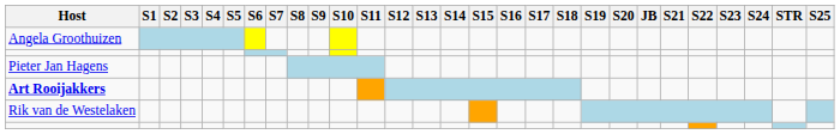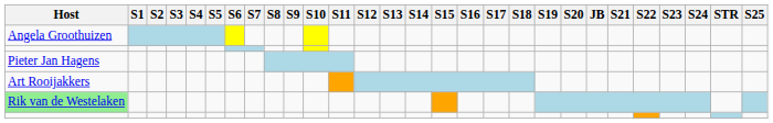 <table class="wikitable" style="font-size:94%">
 <tr>
 <th>Host</th>
 <th>S1</th>
 <th>S2</th>
 <th>S3</th>
 <th>S4</th>
 <th>S5</th>
 <th>S6</th>
 <th>S7</th>
 <th>S8</th>
 <th>S9</th>
 <th>S10</th>
 <th>S11</th>
 <th>S12</th>
 <th>S13</th>
 <th>S14</th>
 <th>S15</th>
 <th>S16</th>
 <th>S17</th>
 <th>S18</th>
 <th>S19</th>
 <th>S20</th>
 <th>JB</th>
 <th>S21</th>
 <th>S22</th>
 <th>S23</th>
 <th>S24</th>
 <th>STR</th>
 <th>S25</th>
 </tr>
 <tr>
 <td><a href='#'>Angela Groothuizen</a></td>
 <td colspan=5 style="background:lightblue"></td>
 <td style="background:yellow"></td>
 <td></td>
 <td></td>
 <td></td>
 <td style="background:yellow"></td>
 <td></td>
 <td></td>
 <td></td>
 <td></td>
 <td></td>
 <td></td>
 <td></td>
 <td></td>
 <td></td>
 <td></td>
 <td></td>
 <td></td>
 <td></td>
 <td></td>
 <td></td>
 <td></td>
 <td></td>
 </tr>
 <tr>
 <td></td>
 <td></td>
 <td></td>
 <td></td>
 <td></td>
 <td></td>
 <td colspan=2 style="background:lightblue;"></td>
 <td></td>
 <td></td>
 <td style="background:yellow"></td>
 <td></td>
 <td></td>
 <td></td>
 <td></td>
 <td></td>
 <td></td>
 <td></td>
 <td></td>
 <td></td>
 <td></td>
 <td></td>
 <td></td>
 <td></td>
 <td></td>
 <td></td>
 <td></td>
 <td></td>
 </tr>
 <tr>
 <td><a href='#'>Pieter Jan Hagens</a></td>
 <td></td>
 <td></td>
 <td></td>
 <td></td>
 <td></td>
 <td></td>
 <td></td>
 <td colspan=4 style="background:lightblue"></td>
 <td></td>
 <td></td>
 <td></td>
 <td></td>
 <td></td>
 <td></td>
 <td></td>
 <td></td>
 <td></td>
 <td></td>
 <td></td>
 <td></td>
 <td></td>
 <td></td>
 <td></td>
 <td></td>
 </tr>
 <tr>
-<td><strong><a href='#'>Art Rooijakkers</a></strong></td>
+<td><a href='#'>Art Rooijakkers</a></td>
 <td></td>
 <td></td>
 <td></td>
 <td></td>
 <td></td>
 <td></td>
 <td></td>
 <td></td>
 <td></td>
 <td></td>
 <td style="background:orange"></td>
 <td colspan=7 style="background:lightblue;"></td>
 <td></td>
 <td></td>
 <td></td>
 <td></td>
 <td></td>
 <td></td>
 <td></td>
 <td></td>
 <td></td>
 </tr>
 <tr>
-<td><a href='#'>Rik van de Westelaken</a></td>
+<td style="background: lightgreen;"><a href='#'>Rik van de Westelaken</a></td>
 <td></td>
 <td></td>
 <td></td>
 <td></td>
 <td></td>
 <td></td>
 <td></td>
 <td></td>
 <td></td>
 <td></td>
 <td></td>
 <td></td>
 <td></td>
 <td></td>
 <td style="background:orange"></td>
 <td></td>
 <td></td>
 <td></td>
 <td colspan=7 style="background:lightblue;"></td>
 <td></td>
 <td style="background:lightblue"></td>
 </tr>
 <tr>
 <td></td>
 <td></td>
 <td></td>
 <td></td>
 <td></td>
 <td></td>
 <td></td>
 <td></td>
 <td></td>
 <td></td>
 <td></td>
 <td></td>
 <td></td>
 <td></td>
 <td></td>
 <td></td>
 <td></td>
 <td></td>
 <td></td>
 <td></td>
 <td></td>
 <td></td>
 <td></td>
 <td style="background:orange"></td>
 <td></td>
 <td></td>
 <td style="background:lightblue;"></td>
 </tr>
 </table>
